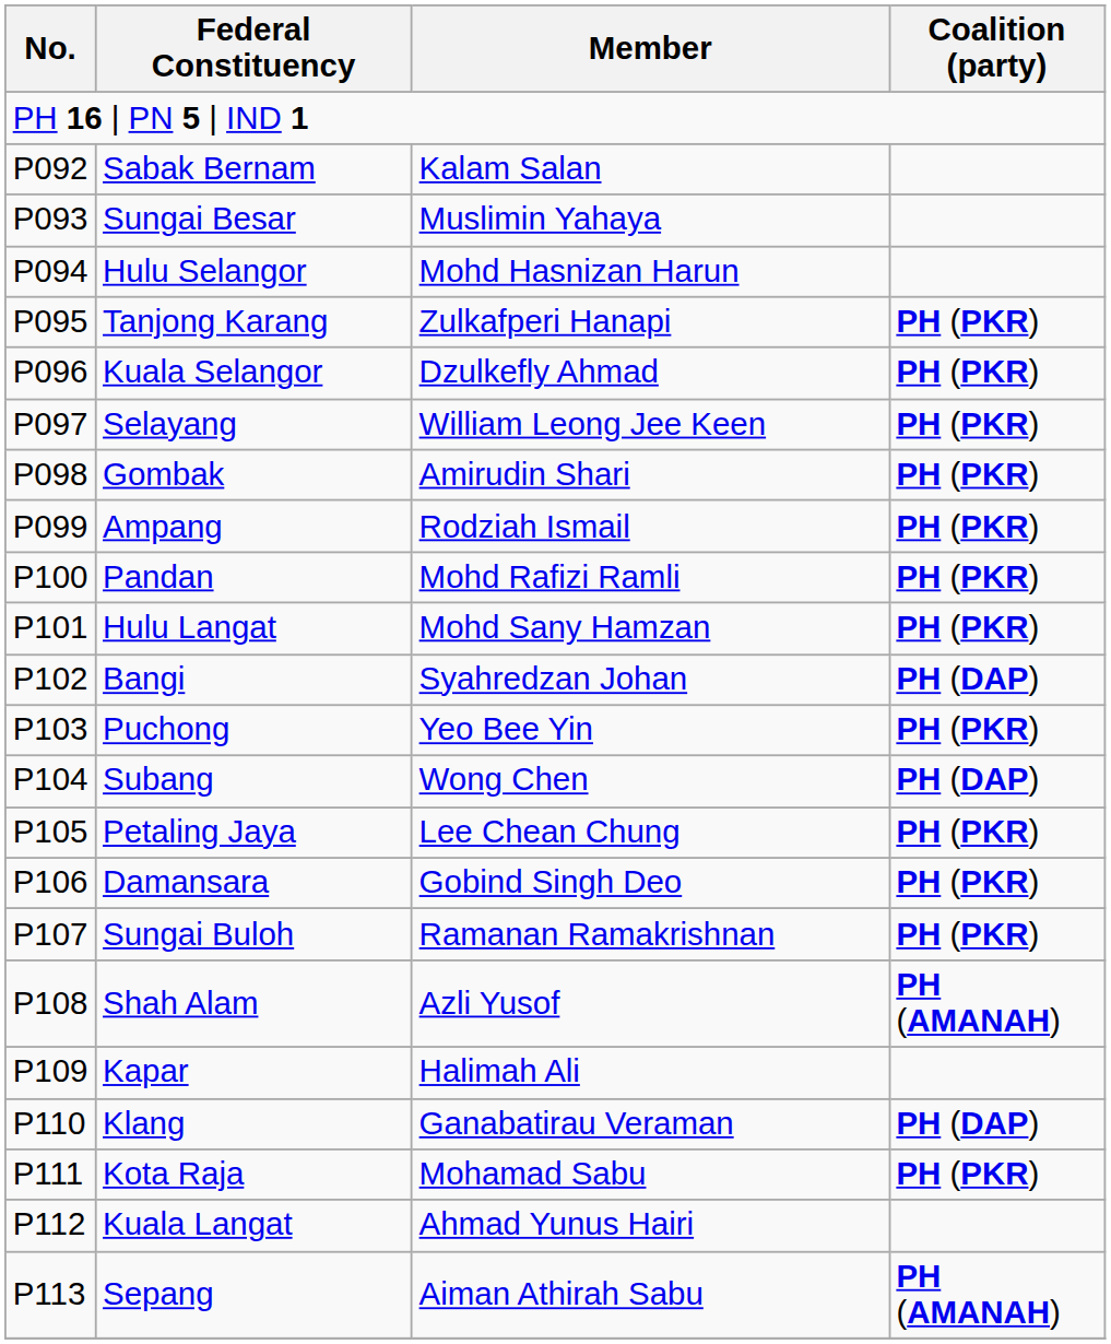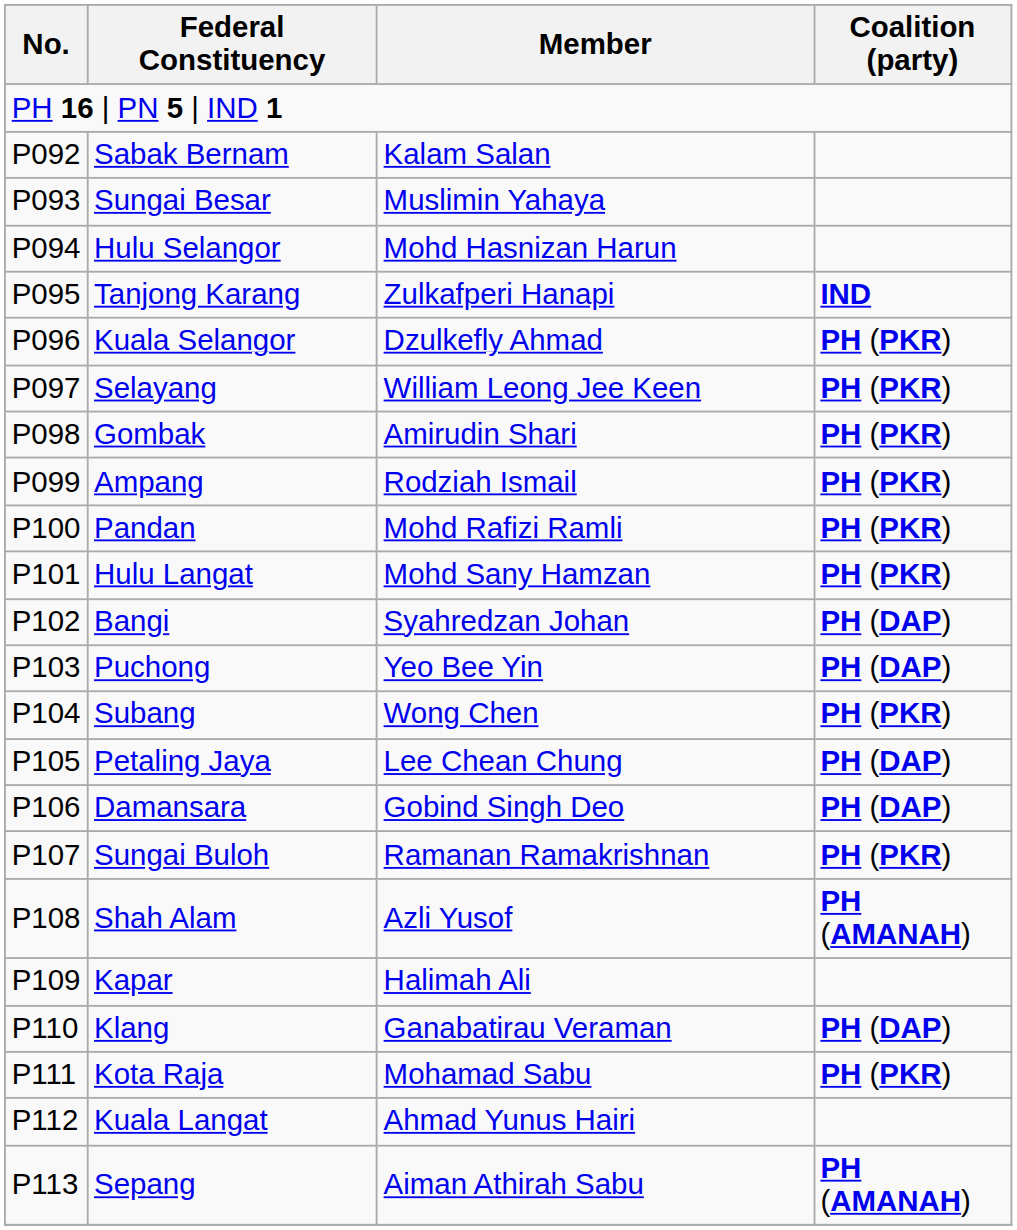 <table class="wikitable sortable">
 <tr>
 <th style="width:30px;">No.</th>
 <th style="width:150px;">Federal Constituency</th>
 <th style="width:230px;">Member</th>
 <th style="width:100px;">Coalition (party)</th>
 </tr>
 <tr>
 <td colspan="4"><a href='#'>PH</a> <strong>16</strong> | <a href='#'>PN</a> <strong>5</strong> | <a href='#'>IND</a> <strong>1</strong></td>
 </tr>
 <tr>
 <td>P092</td>
 <td><a href='#'>Sabak Bernam</a></td>
 <td><a href='#'>Kalam Salan</a></td>
 <td></td>
 </tr>
 <tr>
 <td>P093</td>
 <td><a href='#'>Sungai Besar</a></td>
 <td><a href='#'>Muslimin Yahaya</a></td>
 <td></td>
 </tr>
 <tr>
 <td>P094</td>
 <td><a href='#'>Hulu Selangor</a></td>
 <td><a href='#'>Mohd Hasnizan Harun</a></td>
 <td></td>
 </tr>
 <tr>
 <td>P095</td>
 <td><a href='#'>Tanjong Karang</a></td>
 <td><a href='#'>Zulkafperi Hanapi</a></td>
-<td><strong><a href='#'>PH</a></strong> (<strong><a href='#'>PKR</a></strong>)</td>
+<td><strong><a href='#'>IND</a></strong></td>
 </tr>
 <tr>
 <td>P096</td>
 <td><a href='#'>Kuala Selangor</a></td>
 <td><a href='#'>Dzulkefly Ahmad</a></td>
 <td><strong><a href='#'>PH</a></strong> (<strong><a href='#'>PKR</a></strong>)</td>
 </tr>
 <tr>
 <td>P097</td>
 <td><a href='#'>Selayang</a></td>
 <td><a href='#'>William Leong Jee Keen</a></td>
 <td><strong><a href='#'>PH</a></strong> (<strong><a href='#'>PKR</a></strong>)</td>
 </tr>
 <tr>
 <td>P098</td>
 <td><a href='#'>Gombak</a></td>
 <td><a href='#'>Amirudin Shari</a></td>
 <td><strong><a href='#'>PH</a></strong> (<strong><a href='#'>PKR</a></strong>)</td>
 </tr>
 <tr>
 <td>P099</td>
 <td><a href='#'>Ampang</a></td>
 <td><a href='#'>Rodziah Ismail</a></td>
 <td><strong><a href='#'>PH</a></strong> (<strong><a href='#'>PKR</a></strong>)</td>
 </tr>
 <tr>
 <td>P100</td>
 <td><a href='#'>Pandan</a></td>
 <td><a href='#'>Mohd Rafizi Ramli</a></td>
 <td><strong><a href='#'>PH</a></strong> (<strong><a href='#'>PKR</a></strong>)</td>
 </tr>
 <tr>
 <td>P101</td>
 <td><a href='#'>Hulu Langat</a></td>
 <td><a href='#'>Mohd Sany Hamzan</a></td>
 <td><strong><a href='#'>PH</a></strong> (<strong><a href='#'>PKR</a></strong>)</td>
 </tr>
 <tr>
 <td>P102</td>
 <td><a href='#'>Bangi</a></td>
 <td><a href='#'>Syahredzan Johan</a></td>
 <td><strong><a href='#'>PH</a></strong> (<strong><a href='#'>DAP</a></strong>)</td>
 </tr>
 <tr>
 <td>P103</td>
 <td><a href='#'>Puchong</a></td>
 <td><a href='#'>Yeo Bee Yin</a></td>
-<td><strong><a href='#'>PH</a></strong> (<strong><a href='#'>PKR</a></strong>)</td>
+<td><strong><a href='#'>PH</a></strong> (<strong><a href='#'>DAP</a></strong>)</td>
 </tr>
 <tr>
 <td>P104</td>
 <td><a href='#'>Subang</a></td>
 <td><a href='#'>Wong Chen</a></td>
-<td><strong><a href='#'>PH</a></strong> (<strong><a href='#'>DAP</a></strong>)</td>
+<td><strong><a href='#'>PH</a></strong> (<strong><a href='#'>PKR</a></strong>)</td>
 </tr>
 <tr>
 <td>P105</td>
 <td><a href='#'>Petaling Jaya</a></td>
 <td><a href='#'>Lee Chean Chung</a></td>
-<td><strong><a href='#'>PH</a></strong> (<strong><a href='#'>PKR</a></strong>)</td>
+<td><strong><a href='#'>PH</a></strong> (<strong><a href='#'>DAP</a></strong>)</td>
 </tr>
 <tr>
 <td>P106</td>
 <td><a href='#'>Damansara</a></td>
 <td><a href='#'>Gobind Singh Deo</a></td>
-<td><strong><a href='#'>PH</a></strong> (<strong><a href='#'>PKR</a></strong>)</td>
+<td><strong><a href='#'>PH</a></strong> (<strong><a href='#'>DAP</a></strong>)</td>
 </tr>
 <tr>
 <td>P107</td>
 <td><a href='#'>Sungai Buloh</a></td>
 <td><a href='#'>Ramanan Ramakrishnan</a></td>
 <td><strong><a href='#'>PH</a></strong> (<strong><a href='#'>PKR</a></strong>)</td>
 </tr>
 <tr>
 <td>P108</td>
 <td><a href='#'>Shah Alam</a></td>
 <td><a href='#'>Azli Yusof</a></td>
 <td><strong><a href='#'>PH</a></strong> (<strong><a href='#'>AMANAH</a></strong>)</td>
 </tr>
 <tr>
 <td>P109</td>
 <td><a href='#'>Kapar</a></td>
 <td><a href='#'>Halimah Ali</a></td>
 <td></td>
 </tr>
 <tr>
 <td>P110</td>
 <td><a href='#'>Klang</a></td>
 <td><a href='#'>Ganabatirau Veraman</a></td>
 <td><strong><a href='#'>PH</a></strong> (<strong><a href='#'>DAP</a></strong>)</td>
 </tr>
 <tr>
 <td>P111</td>
 <td><a href='#'>Kota Raja</a></td>
 <td><a href='#'>Mohamad Sabu</a></td>
 <td><strong><a href='#'>PH</a></strong> (<strong><a href='#'>PKR</a></strong>)</td>
 </tr>
 <tr>
 <td>P112</td>
 <td><a href='#'>Kuala Langat</a></td>
 <td><a href='#'>Ahmad Yunus Hairi</a></td>
 <td></td>
 </tr>
 <tr>
 <td>P113</td>
 <td><a href='#'>Sepang</a></td>
 <td><a href='#'>Aiman Athirah Sabu</a></td>
 <td><strong><a href='#'>PH</a></strong> (<strong><a href='#'>AMANAH</a></strong>)</td>
 </tr>
 <tr>
 </tr>
 </table>
